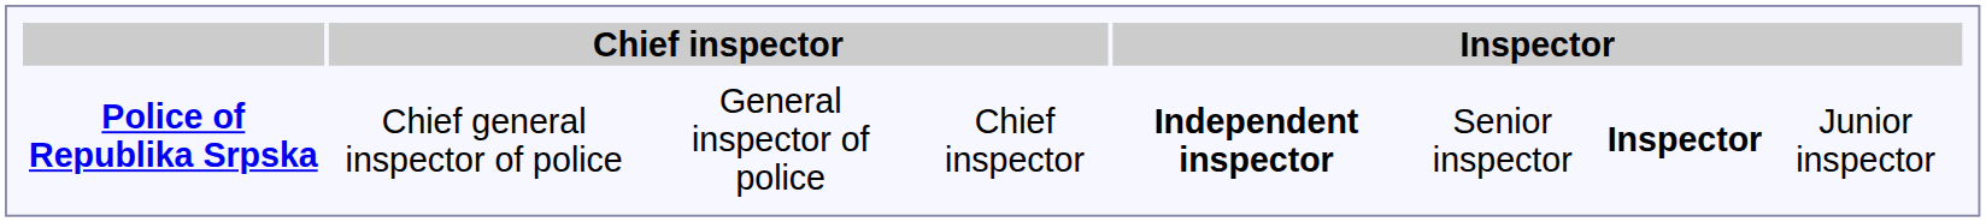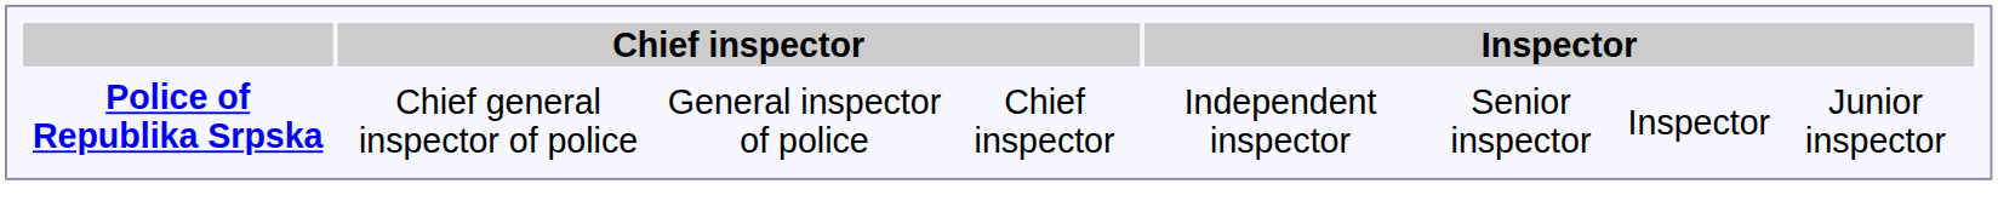 <table style="border:1px solid #8888aa; background-color:#f7f8ff; padding:5px; font-size:95%; margin: 0px 12px 12px 0px;">
 <tr style="background-color:#CCCCCC;">
 <th></th>
 <th colspan=3>Chief inspector</th>
 <th colspan=4>Inspector</th>
 </tr>
 <tr style="text-align:center;">
 <td rowspan=2> <strong><a href='#'>Police of Republika Srpska</a></strong></td>
 <td></td>
 <td></td>
 <td></td>
 <td></td>
 <td></td>
 <td></td>
 <td></td>
 </tr>
 <tr style="text-align:center;">
 <td>Chief general inspector of police<br></td>
 <td>General inspector of police<br></td>
 <td>Chief inspector<br></td>
-<td><strong>Independent inspector<br></strong></td>
+<td>Independent inspector<br></td>
 <td>Senior inspector<br></td>
-<td><strong>Inspector<br></strong></td>
+<td>Inspector<br></td>
 <td>Junior inspector<br></td>
 </tr>
 </table>
